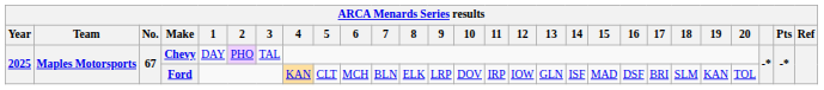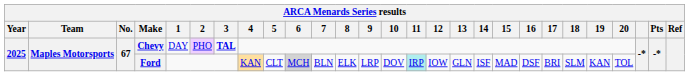 <table class="wikitable" style="text-align:center; font-size:75%">
 <tr>
 <th colspan=45><a href='#'>ARCA Menards Series</a> results</th>
 </tr>
 <tr>
 <th>Year</th>
 <th>Team</th>
 <th>No.</th>
 <th>Make</th>
 <th>1</th>
 <th>2</th>
 <th>3</th>
 <th>4</th>
 <th>5</th>
 <th>6</th>
 <th>7</th>
 <th>8</th>
 <th>9</th>
 <th>10</th>
 <th>11</th>
 <th>12</th>
 <th>13</th>
 <th>14</th>
 <th>15</th>
 <th>16</th>
 <th>17</th>
 <th>18</th>
 <th>19</th>
 <th>20</th>
 <th></th>
 <th>Pts</th>
 <th>Ref</th>
 </tr>
 <tr>
 <th rowspan=2><a href='#'>2025</a></th>
 <th rowspan=2><a href='#'>Maples Motorsports</a></th>
 <th rowspan=2>67</th>
 <th><a href='#'>Chevy</a></th>
 <td><a href='#'>DAY</a></td>
 <td style="background:#EFCFFF;"><a href='#'>PHO</a><br></td>
-<td><a href='#'>TAL</a></td>
+<td><strong><a href='#'>TAL</a></strong></td>
 <td colspan=17></td>
 <th rowspan=2>-*</th>
 <th rowspan=2>-*</th>
 <th rowspan=2></th>
 </tr>
 <tr>
 <th><a href='#'>Ford</a></th>
 <td colspan=3></td>
 <td style="background:#FFDF9F;"><a href='#'>KAN</a><br></td>
 <td><a href='#'>CLT</a></td>
-<td><a href='#'>MCH</a></td>
+<td style="background: lightgrey;"><a href='#'>MCH</a></td>
 <td><a href='#'>BLN</a></td>
 <td><a href='#'>ELK</a></td>
 <td><a href='#'>LRP</a></td>
 <td><a href='#'>DOV</a></td>
-<td><a href='#'>IRP</a></td>
+<td style="background: paleturquoise;"><a href='#'>IRP</a></td>
 <td><a href='#'>IOW</a></td>
 <td><a href='#'>GLN</a></td>
 <td><a href='#'>ISF</a></td>
 <td><a href='#'>MAD</a></td>
 <td><a href='#'>DSF</a></td>
 <td><a href='#'>BRI</a></td>
 <td><a href='#'>SLM</a></td>
 <td><a href='#'>KAN</a></td>
 <td><a href='#'>TOL</a></td>
 </tr>
 </table>
